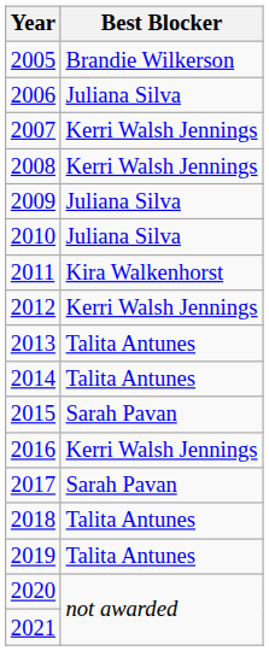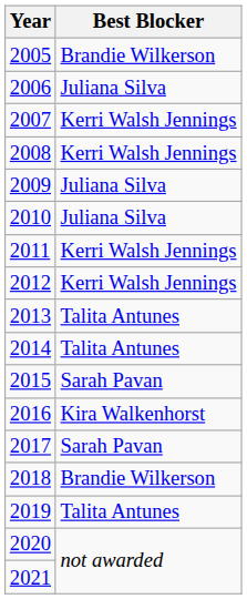 <table class="wikitable sortable" style="display:inline-table;">
 <tr>
 <th>Year</th>
 <th>Best Blocker</th>
 </tr>
 <tr>
 <td><a href='#'>2005</a></td>
 <td> <a href='#'>Brandie Wilkerson</a></td>
 </tr>
 <tr>
 <td><a href='#'>2006</a></td>
 <td> <a href='#'>Juliana Silva</a> </td>
 </tr>
 <tr>
 <td><a href='#'>2007</a></td>
 <td> <a href='#'>Kerri Walsh Jennings</a> </td>
 </tr>
 <tr>
 <td><a href='#'>2008</a></td>
 <td> <a href='#'>Kerri Walsh Jennings</a> </td>
 </tr>
 <tr>
 <td><a href='#'>2009</a></td>
 <td> <a href='#'>Juliana Silva</a> </td>
 </tr>
 <tr>
 <td><a href='#'>2010</a></td>
 <td> <a href='#'>Juliana Silva</a> </td>
 </tr>
 <tr>
 <td><a href='#'>2011</a></td>
-<td> <a href='#'>Kira Walkenhorst</a></td>
+<td> <a href='#'>Kerri Walsh Jennings</a> </td>
 </tr>
 <tr>
 <td><a href='#'>2012</a></td>
 <td> <a href='#'>Kerri Walsh Jennings</a> </td>
 </tr>
 <tr>
 <td><a href='#'>2013</a></td>
 <td> <a href='#'>Talita Antunes</a></td>
 </tr>
 <tr>
 <td><a href='#'>2014</a></td>
 <td> <a href='#'>Talita Antunes</a></td>
 </tr>
 <tr>
 <td><a href='#'>2015</a></td>
 <td> <a href='#'>Sarah Pavan</a> </td>
 </tr>
 <tr>
 <td><a href='#'>2016</a></td>
-<td> <a href='#'>Kerri Walsh Jennings</a> </td>
+<td> <a href='#'>Kira Walkenhorst</a></td>
 </tr>
 <tr>
 <td><a href='#'>2017</a></td>
 <td> <a href='#'>Sarah Pavan</a> </td>
 </tr>
 <tr>
 <td><a href='#'>2018</a></td>
-<td> <a href='#'>Talita Antunes</a></td>
+<td> <a href='#'>Brandie Wilkerson</a></td>
 </tr>
 <tr>
 <td><a href='#'>2019</a></td>
 <td> <a href='#'>Talita Antunes</a></td>
 </tr>
 <tr>
 <td><a href='#'>2020</a></td>
 <td rowspan=2><em>not awarded</em></td>
 </tr>
 <tr>
 <td><a href='#'>2021</a></td>
 </tr>
 </table>
